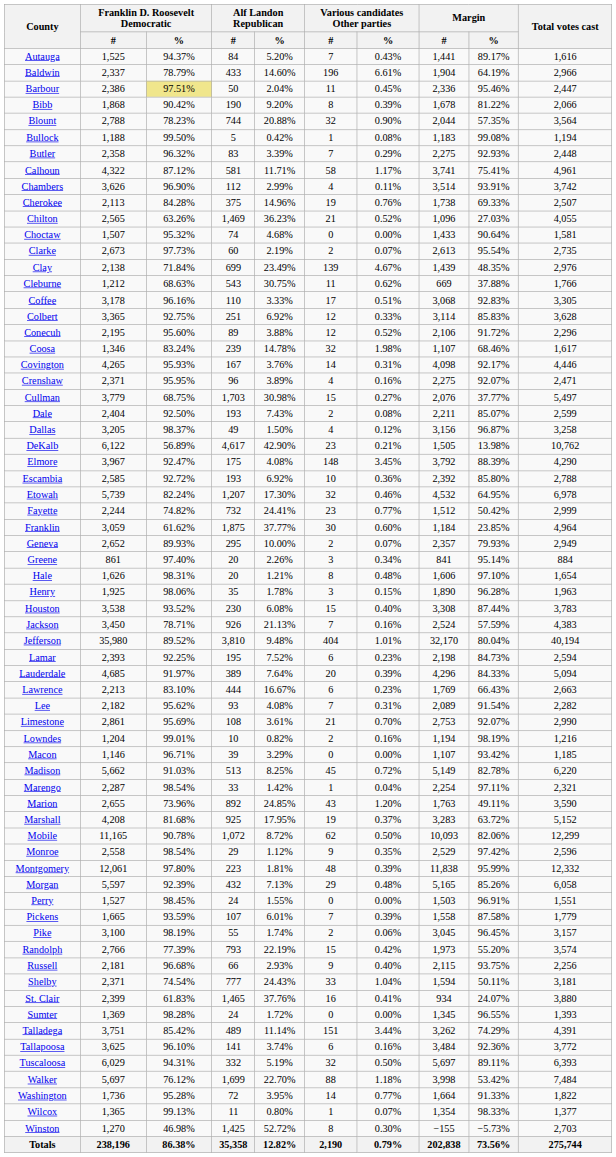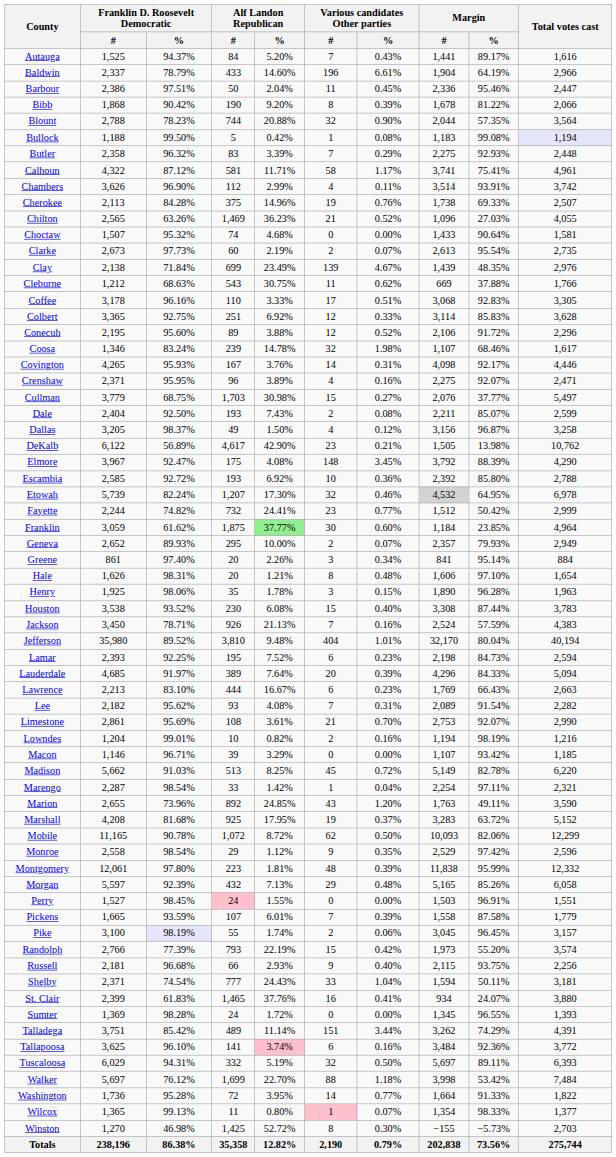 <table width="60%" class="wikitable sortable">
 <tr>
 <th rowspan="2">County</th>
 <th colspan="2">Franklin D. Roosevelt<br>Democratic</th>
 <th colspan="2">Alf Landon<br>Republican</th>
 <th colspan="2">Various candidates<br>Other parties</th>
 <th colspan="2">Margin</th>
 <th rowspan="2">Total votes cast</th>
 </tr>
 <tr bgcolor="lightgrey">
 <th data-sort-type="number">#</th>
 <th data-sort-type="number">%</th>
 <th data-sort-type="number">#</th>
 <th data-sort-type="number">%</th>
 <th data-sort-type="number">#</th>
 <th data-sort-type="number">%</th>
 <th data-sort-type="number">#</th>
 <th data-sort-type="number">%</th>
 </tr>
 <tr style="text-align:center;">
 <td><a href='#'>Autauga</a></td>
 <td>1,525</td>
 <td>94.37%</td>
 <td>84</td>
 <td>5.20%</td>
 <td>7</td>
 <td>0.43%</td>
 <td>1,441</td>
 <td>89.17%</td>
 <td>1,616</td>
 </tr>
 <tr style="text-align:center;">
 <td><a href='#'>Baldwin</a></td>
 <td>2,337</td>
 <td>78.79%</td>
 <td>433</td>
 <td>14.60%</td>
 <td>196</td>
 <td>6.61%</td>
 <td>1,904</td>
 <td>64.19%</td>
 <td>2,966</td>
 </tr>
 <tr style="text-align:center;">
 <td><a href='#'>Barbour</a></td>
 <td>2,386</td>
-<td style="background: khaki;">97.51%</td>
+<td>97.51%</td>
 <td>50</td>
 <td>2.04%</td>
 <td>11</td>
 <td>0.45%</td>
 <td>2,336</td>
 <td>95.46%</td>
 <td>2,447</td>
 </tr>
 <tr style="text-align:center;">
 <td><a href='#'>Bibb</a></td>
 <td>1,868</td>
 <td>90.42%</td>
 <td>190</td>
 <td>9.20%</td>
 <td>8</td>
 <td>0.39%</td>
 <td>1,678</td>
 <td>81.22%</td>
 <td>2,066</td>
 </tr>
 <tr style="text-align:center;">
 <td><a href='#'>Blount</a></td>
 <td>2,788</td>
 <td>78.23%</td>
 <td>744</td>
 <td>20.88%</td>
 <td>32</td>
 <td>0.90%</td>
 <td>2,044</td>
 <td>57.35%</td>
 <td>3,564</td>
 </tr>
 <tr style="text-align:center;">
 <td><a href='#'>Bullock</a></td>
 <td>1,188</td>
 <td>99.50%</td>
 <td>5</td>
 <td>0.42%</td>
 <td>1</td>
 <td>0.08%</td>
 <td>1,183</td>
 <td>99.08%</td>
-<td>1,194</td>
+<td style="background: lavender;">1,194</td>
 </tr>
 <tr style="text-align:center;">
 <td><a href='#'>Butler</a></td>
 <td>2,358</td>
 <td>96.32%</td>
 <td>83</td>
 <td>3.39%</td>
 <td>7</td>
 <td>0.29%</td>
 <td>2,275</td>
 <td>92.93%</td>
 <td>2,448</td>
 </tr>
 <tr style="text-align:center;">
 <td><a href='#'>Calhoun</a></td>
 <td>4,322</td>
 <td>87.12%</td>
 <td>581</td>
 <td>11.71%</td>
 <td>58</td>
 <td>1.17%</td>
 <td>3,741</td>
 <td>75.41%</td>
 <td>4,961</td>
 </tr>
 <tr style="text-align:center;">
 <td><a href='#'>Chambers</a></td>
 <td>3,626</td>
 <td>96.90%</td>
 <td>112</td>
 <td>2.99%</td>
 <td>4</td>
 <td>0.11%</td>
 <td>3,514</td>
 <td>93.91%</td>
 <td>3,742</td>
 </tr>
 <tr style="text-align:center;">
 <td><a href='#'>Cherokee</a></td>
 <td>2,113</td>
 <td>84.28%</td>
 <td>375</td>
 <td>14.96%</td>
 <td>19</td>
 <td>0.76%</td>
 <td>1,738</td>
 <td>69.33%</td>
 <td>2,507</td>
 </tr>
 <tr style="text-align:center;">
 <td><a href='#'>Chilton</a></td>
 <td>2,565</td>
 <td>63.26%</td>
 <td>1,469</td>
 <td>36.23%</td>
 <td>21</td>
 <td>0.52%</td>
 <td>1,096</td>
 <td>27.03%</td>
 <td>4,055</td>
 </tr>
 <tr style="text-align:center;">
 <td><a href='#'>Choctaw</a></td>
 <td>1,507</td>
 <td>95.32%</td>
 <td>74</td>
 <td>4.68%</td>
 <td>0</td>
 <td>0.00%</td>
 <td>1,433</td>
 <td>90.64%</td>
 <td>1,581</td>
 </tr>
 <tr style="text-align:center;">
 <td><a href='#'>Clarke</a></td>
 <td>2,673</td>
 <td>97.73%</td>
 <td>60</td>
 <td>2.19%</td>
 <td>2</td>
 <td>0.07%</td>
 <td>2,613</td>
 <td>95.54%</td>
 <td>2,735</td>
 </tr>
 <tr style="text-align:center;">
 <td><a href='#'>Clay</a></td>
 <td>2,138</td>
 <td>71.84%</td>
 <td>699</td>
 <td>23.49%</td>
 <td>139</td>
 <td>4.67%</td>
 <td>1,439</td>
 <td>48.35%</td>
 <td>2,976</td>
 </tr>
 <tr style="text-align:center;">
 <td><a href='#'>Cleburne</a></td>
 <td>1,212</td>
 <td>68.63%</td>
 <td>543</td>
 <td>30.75%</td>
 <td>11</td>
 <td>0.62%</td>
 <td>669</td>
 <td>37.88%</td>
 <td>1,766</td>
 </tr>
 <tr style="text-align:center;">
 <td><a href='#'>Coffee</a></td>
 <td>3,178</td>
 <td>96.16%</td>
 <td>110</td>
 <td>3.33%</td>
 <td>17</td>
 <td>0.51%</td>
 <td>3,068</td>
 <td>92.83%</td>
 <td>3,305</td>
 </tr>
 <tr style="text-align:center;">
 <td><a href='#'>Colbert</a></td>
 <td>3,365</td>
 <td>92.75%</td>
 <td>251</td>
 <td>6.92%</td>
 <td>12</td>
 <td>0.33%</td>
 <td>3,114</td>
 <td>85.83%</td>
 <td>3,628</td>
 </tr>
 <tr style="text-align:center;">
 <td><a href='#'>Conecuh</a></td>
 <td>2,195</td>
 <td>95.60%</td>
 <td>89</td>
 <td>3.88%</td>
 <td>12</td>
 <td>0.52%</td>
 <td>2,106</td>
 <td>91.72%</td>
 <td>2,296</td>
 </tr>
 <tr style="text-align:center;">
 <td><a href='#'>Coosa</a></td>
 <td>1,346</td>
 <td>83.24%</td>
 <td>239</td>
 <td>14.78%</td>
 <td>32</td>
 <td>1.98%</td>
 <td>1,107</td>
 <td>68.46%</td>
 <td>1,617</td>
 </tr>
 <tr style="text-align:center;">
 <td><a href='#'>Covington</a></td>
 <td>4,265</td>
 <td>95.93%</td>
 <td>167</td>
 <td>3.76%</td>
 <td>14</td>
 <td>0.31%</td>
 <td>4,098</td>
 <td>92.17%</td>
 <td>4,446</td>
 </tr>
 <tr style="text-align:center;">
 <td><a href='#'>Crenshaw</a></td>
 <td>2,371</td>
 <td>95.95%</td>
 <td>96</td>
 <td>3.89%</td>
 <td>4</td>
 <td>0.16%</td>
 <td>2,275</td>
 <td>92.07%</td>
 <td>2,471</td>
 </tr>
 <tr style="text-align:center;">
 <td><a href='#'>Cullman</a></td>
 <td>3,779</td>
 <td>68.75%</td>
 <td>1,703</td>
 <td>30.98%</td>
 <td>15</td>
 <td>0.27%</td>
 <td>2,076</td>
 <td>37.77%</td>
 <td>5,497</td>
 </tr>
 <tr style="text-align:center;">
 <td><a href='#'>Dale</a></td>
 <td>2,404</td>
 <td>92.50%</td>
 <td>193</td>
 <td>7.43%</td>
 <td>2</td>
 <td>0.08%</td>
 <td>2,211</td>
 <td>85.07%</td>
 <td>2,599</td>
 </tr>
 <tr style="text-align:center;">
 <td><a href='#'>Dallas</a></td>
 <td>3,205</td>
 <td>98.37%</td>
 <td>49</td>
 <td>1.50%</td>
 <td>4</td>
 <td>0.12%</td>
 <td>3,156</td>
 <td>96.87%</td>
 <td>3,258</td>
 </tr>
 <tr style="text-align:center;">
 <td><a href='#'>DeKalb</a></td>
 <td>6,122</td>
 <td>56.89%</td>
 <td>4,617</td>
 <td>42.90%</td>
 <td>23</td>
 <td>0.21%</td>
 <td>1,505</td>
 <td>13.98%</td>
 <td>10,762</td>
 </tr>
 <tr style="text-align:center;">
 <td><a href='#'>Elmore</a></td>
 <td>3,967</td>
 <td>92.47%</td>
 <td>175</td>
 <td>4.08%</td>
 <td>148</td>
 <td>3.45%</td>
 <td>3,792</td>
 <td>88.39%</td>
 <td>4,290</td>
 </tr>
 <tr style="text-align:center;">
 <td><a href='#'>Escambia</a></td>
 <td>2,585</td>
 <td>92.72%</td>
 <td>193</td>
 <td>6.92%</td>
 <td>10</td>
 <td>0.36%</td>
 <td>2,392</td>
 <td>85.80%</td>
 <td>2,788</td>
 </tr>
 <tr style="text-align:center;">
 <td><a href='#'>Etowah</a></td>
 <td>5,739</td>
 <td>82.24%</td>
 <td>1,207</td>
 <td>17.30%</td>
 <td>32</td>
 <td>0.46%</td>
-<td>4,532</td>
+<td style="background: lightgrey;">4,532</td>
 <td>64.95%</td>
 <td>6,978</td>
 </tr>
 <tr style="text-align:center;">
 <td><a href='#'>Fayette</a></td>
 <td>2,244</td>
 <td>74.82%</td>
 <td>732</td>
 <td>24.41%</td>
 <td>23</td>
 <td>0.77%</td>
 <td>1,512</td>
 <td>50.42%</td>
 <td>2,999</td>
 </tr>
 <tr style="text-align:center;">
 <td><a href='#'>Franklin</a></td>
 <td>3,059</td>
 <td>61.62%</td>
 <td>1,875</td>
-<td>37.77%</td>
+<td style="background: lightgreen;">37.77%</td>
 <td>30</td>
 <td>0.60%</td>
 <td>1,184</td>
 <td>23.85%</td>
 <td>4,964</td>
 </tr>
 <tr style="text-align:center;">
 <td><a href='#'>Geneva</a></td>
 <td>2,652</td>
 <td>89.93%</td>
 <td>295</td>
 <td>10.00%</td>
 <td>2</td>
 <td>0.07%</td>
 <td>2,357</td>
 <td>79.93%</td>
 <td>2,949</td>
 </tr>
 <tr style="text-align:center;">
 <td><a href='#'>Greene</a></td>
 <td>861</td>
 <td>97.40%</td>
 <td>20</td>
 <td>2.26%</td>
 <td>3</td>
 <td>0.34%</td>
 <td>841</td>
 <td>95.14%</td>
 <td>884</td>
 </tr>
 <tr style="text-align:center;">
 <td><a href='#'>Hale</a></td>
 <td>1,626</td>
 <td>98.31%</td>
 <td>20</td>
 <td>1.21%</td>
 <td>8</td>
 <td>0.48%</td>
 <td>1,606</td>
 <td>97.10%</td>
 <td>1,654</td>
 </tr>
 <tr style="text-align:center;">
 <td><a href='#'>Henry</a></td>
 <td>1,925</td>
 <td>98.06%</td>
 <td>35</td>
 <td>1.78%</td>
 <td>3</td>
 <td>0.15%</td>
 <td>1,890</td>
 <td>96.28%</td>
 <td>1,963</td>
 </tr>
 <tr style="text-align:center;">
 <td><a href='#'>Houston</a></td>
 <td>3,538</td>
 <td>93.52%</td>
 <td>230</td>
 <td>6.08%</td>
 <td>15</td>
 <td>0.40%</td>
 <td>3,308</td>
 <td>87.44%</td>
 <td>3,783</td>
 </tr>
 <tr style="text-align:center;">
 <td><a href='#'>Jackson</a></td>
 <td>3,450</td>
 <td>78.71%</td>
 <td>926</td>
 <td>21.13%</td>
 <td>7</td>
 <td>0.16%</td>
 <td>2,524</td>
 <td>57.59%</td>
 <td>4,383</td>
 </tr>
 <tr style="text-align:center;">
 <td><a href='#'>Jefferson</a></td>
 <td>35,980</td>
 <td>89.52%</td>
 <td>3,810</td>
 <td>9.48%</td>
 <td>404</td>
 <td>1.01%</td>
 <td>32,170</td>
 <td>80.04%</td>
 <td>40,194</td>
 </tr>
 <tr style="text-align:center;">
 <td><a href='#'>Lamar</a></td>
 <td>2,393</td>
 <td>92.25%</td>
 <td>195</td>
 <td>7.52%</td>
 <td>6</td>
 <td>0.23%</td>
 <td>2,198</td>
 <td>84.73%</td>
 <td>2,594</td>
 </tr>
 <tr style="text-align:center;">
 <td><a href='#'>Lauderdale</a></td>
 <td>4,685</td>
 <td>91.97%</td>
 <td>389</td>
 <td>7.64%</td>
 <td>20</td>
 <td>0.39%</td>
 <td>4,296</td>
 <td>84.33%</td>
 <td>5,094</td>
 </tr>
 <tr style="text-align:center;">
 <td><a href='#'>Lawrence</a></td>
 <td>2,213</td>
 <td>83.10%</td>
 <td>444</td>
 <td>16.67%</td>
 <td>6</td>
 <td>0.23%</td>
 <td>1,769</td>
 <td>66.43%</td>
 <td>2,663</td>
 </tr>
 <tr style="text-align:center;">
 <td><a href='#'>Lee</a></td>
 <td>2,182</td>
 <td>95.62%</td>
 <td>93</td>
 <td>4.08%</td>
 <td>7</td>
 <td>0.31%</td>
 <td>2,089</td>
 <td>91.54%</td>
 <td>2,282</td>
 </tr>
 <tr style="text-align:center;">
 <td><a href='#'>Limestone</a></td>
 <td>2,861</td>
 <td>95.69%</td>
 <td>108</td>
 <td>3.61%</td>
 <td>21</td>
 <td>0.70%</td>
 <td>2,753</td>
 <td>92.07%</td>
 <td>2,990</td>
 </tr>
 <tr style="text-align:center;">
 <td><a href='#'>Lowndes</a></td>
 <td>1,204</td>
 <td>99.01%</td>
 <td>10</td>
 <td>0.82%</td>
 <td>2</td>
 <td>0.16%</td>
 <td>1,194</td>
 <td>98.19%</td>
 <td>1,216</td>
 </tr>
 <tr style="text-align:center;">
 <td><a href='#'>Macon</a></td>
 <td>1,146</td>
 <td>96.71%</td>
 <td>39</td>
 <td>3.29%</td>
 <td>0</td>
 <td>0.00%</td>
 <td>1,107</td>
 <td>93.42%</td>
 <td>1,185</td>
 </tr>
 <tr style="text-align:center;">
 <td><a href='#'>Madison</a></td>
 <td>5,662</td>
 <td>91.03%</td>
 <td>513</td>
 <td>8.25%</td>
 <td>45</td>
 <td>0.72%</td>
 <td>5,149</td>
 <td>82.78%</td>
 <td>6,220</td>
 </tr>
 <tr style="text-align:center;">
 <td><a href='#'>Marengo</a></td>
 <td>2,287</td>
 <td>98.54%</td>
 <td>33</td>
 <td>1.42%</td>
 <td>1</td>
 <td>0.04%</td>
 <td>2,254</td>
 <td>97.11%</td>
 <td>2,321</td>
 </tr>
 <tr style="text-align:center;">
 <td><a href='#'>Marion</a></td>
 <td>2,655</td>
 <td>73.96%</td>
 <td>892</td>
 <td>24.85%</td>
 <td>43</td>
 <td>1.20%</td>
 <td>1,763</td>
 <td>49.11%</td>
 <td>3,590</td>
 </tr>
 <tr style="text-align:center;">
 <td><a href='#'>Marshall</a></td>
 <td>4,208</td>
 <td>81.68%</td>
 <td>925</td>
 <td>17.95%</td>
 <td>19</td>
 <td>0.37%</td>
 <td>3,283</td>
 <td>63.72%</td>
 <td>5,152</td>
 </tr>
 <tr style="text-align:center;">
 <td><a href='#'>Mobile</a></td>
 <td>11,165</td>
 <td>90.78%</td>
 <td>1,072</td>
 <td>8.72%</td>
 <td>62</td>
 <td>0.50%</td>
 <td>10,093</td>
 <td>82.06%</td>
 <td>12,299</td>
 </tr>
 <tr style="text-align:center;">
 <td><a href='#'>Monroe</a></td>
 <td>2,558</td>
 <td>98.54%</td>
 <td>29</td>
 <td>1.12%</td>
 <td>9</td>
 <td>0.35%</td>
 <td>2,529</td>
 <td>97.42%</td>
 <td>2,596</td>
 </tr>
 <tr style="text-align:center;">
 <td><a href='#'>Montgomery</a></td>
 <td>12,061</td>
 <td>97.80%</td>
 <td>223</td>
 <td>1.81%</td>
 <td>48</td>
 <td>0.39%</td>
 <td>11,838</td>
 <td>95.99%</td>
 <td>12,332</td>
 </tr>
 <tr style="text-align:center;">
 <td><a href='#'>Morgan</a></td>
 <td>5,597</td>
 <td>92.39%</td>
 <td>432</td>
 <td>7.13%</td>
 <td>29</td>
 <td>0.48%</td>
 <td>5,165</td>
 <td>85.26%</td>
 <td>6,058</td>
 </tr>
 <tr style="text-align:center;">
 <td><a href='#'>Perry</a></td>
 <td>1,527</td>
 <td>98.45%</td>
-<td>24</td>
+<td style="background: pink;">24</td>
 <td>1.55%</td>
 <td>0</td>
 <td>0.00%</td>
 <td>1,503</td>
 <td>96.91%</td>
 <td>1,551</td>
 </tr>
 <tr style="text-align:center;">
 <td><a href='#'>Pickens</a></td>
 <td>1,665</td>
 <td>93.59%</td>
 <td>107</td>
 <td>6.01%</td>
 <td>7</td>
 <td>0.39%</td>
 <td>1,558</td>
 <td>87.58%</td>
 <td>1,779</td>
 </tr>
 <tr style="text-align:center;">
 <td><a href='#'>Pike</a></td>
 <td>3,100</td>
-<td>98.19%</td>
+<td style="background: lavender;">98.19%</td>
 <td>55</td>
 <td>1.74%</td>
 <td>2</td>
 <td>0.06%</td>
 <td>3,045</td>
 <td>96.45%</td>
 <td>3,157</td>
 </tr>
 <tr style="text-align:center;">
 <td><a href='#'>Randolph</a></td>
 <td>2,766</td>
 <td>77.39%</td>
 <td>793</td>
 <td>22.19%</td>
 <td>15</td>
 <td>0.42%</td>
 <td>1,973</td>
 <td>55.20%</td>
 <td>3,574</td>
 </tr>
 <tr style="text-align:center;">
 <td><a href='#'>Russell</a></td>
 <td>2,181</td>
 <td>96.68%</td>
 <td>66</td>
 <td>2.93%</td>
 <td>9</td>
 <td>0.40%</td>
 <td>2,115</td>
 <td>93.75%</td>
 <td>2,256</td>
 </tr>
 <tr style="text-align:center;">
 <td><a href='#'>Shelby</a></td>
 <td>2,371</td>
 <td>74.54%</td>
 <td>777</td>
 <td>24.43%</td>
 <td>33</td>
 <td>1.04%</td>
 <td>1,594</td>
 <td>50.11%</td>
 <td>3,181</td>
 </tr>
 <tr style="text-align:center;">
 <td><a href='#'>St. Clair</a></td>
 <td>2,399</td>
 <td>61.83%</td>
 <td>1,465</td>
 <td>37.76%</td>
 <td>16</td>
 <td>0.41%</td>
 <td>934</td>
 <td>24.07%</td>
 <td>3,880</td>
 </tr>
 <tr style="text-align:center;">
 <td><a href='#'>Sumter</a></td>
 <td>1,369</td>
 <td>98.28%</td>
 <td>24</td>
 <td>1.72%</td>
 <td>0</td>
 <td>0.00%</td>
 <td>1,345</td>
 <td>96.55%</td>
 <td>1,393</td>
 </tr>
 <tr style="text-align:center;">
 <td><a href='#'>Talladega</a></td>
 <td>3,751</td>
 <td>85.42%</td>
 <td>489</td>
 <td>11.14%</td>
 <td>151</td>
 <td>3.44%</td>
 <td>3,262</td>
 <td>74.29%</td>
 <td>4,391</td>
 </tr>
 <tr style="text-align:center;">
 <td><a href='#'>Tallapoosa</a></td>
 <td>3,625</td>
 <td>96.10%</td>
 <td>141</td>
-<td>3.74%</td>
+<td style="background: pink;">3.74%</td>
 <td>6</td>
 <td>0.16%</td>
 <td>3,484</td>
 <td>92.36%</td>
 <td>3,772</td>
 </tr>
 <tr style="text-align:center;">
 <td><a href='#'>Tuscaloosa</a></td>
 <td>6,029</td>
 <td>94.31%</td>
 <td>332</td>
 <td>5.19%</td>
 <td>32</td>
 <td>0.50%</td>
 <td>5,697</td>
 <td>89.11%</td>
 <td>6,393</td>
 </tr>
 <tr style="text-align:center;">
 <td><a href='#'>Walker</a></td>
 <td>5,697</td>
 <td>76.12%</td>
 <td>1,699</td>
 <td>22.70%</td>
 <td>88</td>
 <td>1.18%</td>
 <td>3,998</td>
 <td>53.42%</td>
 <td>7,484</td>
 </tr>
 <tr style="text-align:center;">
 <td><a href='#'>Washington</a></td>
 <td>1,736</td>
 <td>95.28%</td>
 <td>72</td>
 <td>3.95%</td>
 <td>14</td>
 <td>0.77%</td>
 <td>1,664</td>
 <td>91.33%</td>
 <td>1,822</td>
 </tr>
 <tr style="text-align:center;">
 <td><a href='#'>Wilcox</a></td>
 <td>1,365</td>
 <td>99.13%</td>
 <td>11</td>
 <td>0.80%</td>
-<td>1</td>
+<td style="background: pink;">1</td>
 <td>0.07%</td>
 <td>1,354</td>
 <td>98.33%</td>
 <td>1,377</td>
 </tr>
 <tr style="text-align:center;">
 <td><a href='#'>Winston</a></td>
 <td>1,270</td>
 <td>46.98%</td>
 <td>1,425</td>
 <td>52.72%</td>
 <td>8</td>
 <td>0.30%</td>
 <td>−155</td>
 <td>−5.73%</td>
 <td>2,703</td>
 </tr>
 <tr>
 <th>Totals</th>
 <th>238,196</th>
 <th>86.38%</th>
 <th>35,358</th>
 <th>12.82%</th>
 <th>2,190</th>
 <th>0.79%</th>
 <th>202,838</th>
 <th>73.56%</th>
 <th>275,744</th>
 </tr>
 </table>
